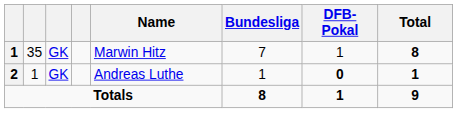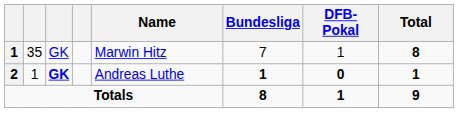 <table class="wikitable" style="text-align:center">
 <tr>
 <th width=15></th>
 <th width=15></th>
 <th width=15></th>
 <th width=15></th>
 <th width=145>Name</th>
 <th width=80><strong><a href='#'>Bundesliga</a></strong></th>
 <th width=80><strong><a href='#'>DFB-Pokal</a></strong></th>
 <th width=80>Total</th>
 </tr>
 <tr>
 <th>1</th>
 <td>35</td>
 <td><a href='#'>GK</a></td>
 <td></td>
 <td align=left><a href='#'>Marwin Hitz</a></td>
 <td>7</td>
 <td>1</td>
 <td><strong>8</strong></td>
 </tr>
 <tr>
 <th>2</th>
 <td>1</td>
-<td><a href='#'>GK</a></td>
+<td><strong><a href='#'>GK</a></strong></td>
 <td></td>
 <td align=left><a href='#'>Andreas Luthe</a></td>
-<td>1</td>
+<td><strong>1</strong></td>
 <td><strong>0</strong></td>
 <td><strong>1</strong></td>
 </tr>
 <tr>
 <td colspan=5><strong>Totals</strong></td>
 <td><strong>8</strong></td>
 <td><strong>1</strong></td>
 <td><strong>9</strong></td>
 </tr>
 </table>
